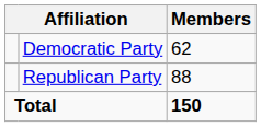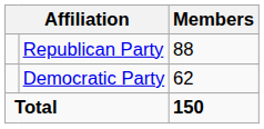 <table class="wikitable">
 <tr>
 <th colspan="2">Affiliation</th>
 <th>Members</th>
 </tr>
 <tr>
 <td style="background-color:"> </td>
-<td><a href='#'>Democratic Party</a></td>
-<td>62</td>
+<td><a href='#'>Republican Party</a></td>
+<td>88</td>
 </tr>
 <tr>
 <td style="background-color:"> </td>
-<td><a href='#'>Republican Party</a></td>
-<td>88</td>
+<td><a href='#'>Democratic Party</a></td>
+<td>62</td>
 </tr>
 <tr>
 <td colspan="2"> <strong>Total</strong><br></td>
 <td><strong>150</strong></td>
 </tr>
 </table>
